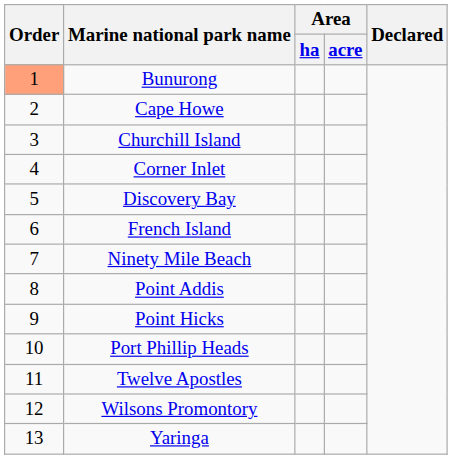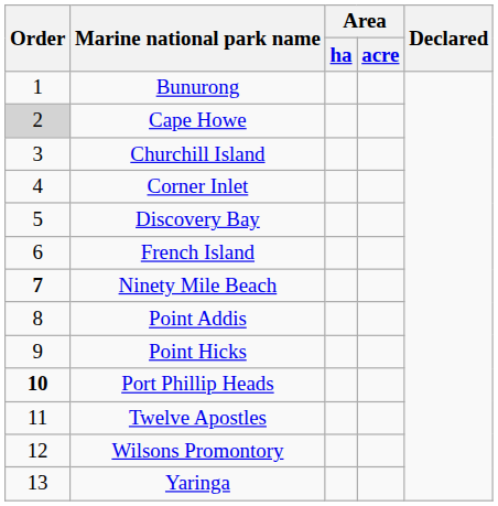 <table class="wikitable sortable plainrowheaders" style="text-align:center;">
 <tr>
 <th scope="col" rowspan="2">Order</th>
 <th scope="col" rowspan="2">Marine national park name</th>
 <th scope="col" colspan="2">Area</th>
 <th scope="col" rowspan="2">Declared<br></th>
 </tr>
 <tr>
 <th scope="col"><a href='#'>ha</a></th>
 <th scope="col"><a href='#'>acre</a></th>
 </tr>
 <tr>
-<td scope="row" style="background: lightsalmon;">1</td>
+<td scope="row">1</td>
 <td><a href='#'>Bunurong</a></td>
 <td></td>
 <td></td>
 </tr>
 <tr>
-<td scope="row">2</td>
+<td scope="row" style="background: lightgrey;">2</td>
 <td><a href='#'>Cape Howe</a></td>
 <td></td>
 <td></td>
 </tr>
 <tr>
 <td scope="row">3</td>
 <td><a href='#'>Churchill Island</a></td>
 <td></td>
 <td></td>
 </tr>
 <tr>
 <td scope="row">4</td>
 <td><a href='#'>Corner Inlet</a></td>
 <td></td>
 <td></td>
 </tr>
 <tr>
 <td scope="row">5</td>
 <td><a href='#'>Discovery Bay</a></td>
 <td></td>
 <td></td>
 </tr>
 <tr>
 <td scope="row">6</td>
 <td><a href='#'>French Island</a></td>
 <td></td>
 <td></td>
 </tr>
 <tr>
-<td scope="row">7</td>
+<td scope="row"><strong>7</strong></td>
 <td><a href='#'>Ninety Mile Beach</a></td>
 <td></td>
 <td></td>
 </tr>
 <tr>
 <td scope="row">8</td>
 <td><a href='#'>Point Addis</a></td>
 <td></td>
 <td></td>
 </tr>
 <tr>
 <td scope="row">9</td>
 <td><a href='#'>Point Hicks</a></td>
 <td></td>
 <td></td>
 </tr>
 <tr>
-<td scope="row">10</td>
+<td scope="row"><strong>10</strong></td>
 <td><a href='#'>Port Phillip Heads</a></td>
 <td></td>
 <td></td>
 </tr>
 <tr>
 <td scope="row">11</td>
 <td><a href='#'>Twelve Apostles</a></td>
 <td></td>
 <td></td>
 </tr>
 <tr>
 <td scope="row">12</td>
 <td><a href='#'>Wilsons Promontory</a></td>
 <td></td>
 <td></td>
 </tr>
 <tr>
 <td scope="row">13</td>
 <td><a href='#'>Yaringa</a></td>
 <td></td>
 <td></td>
 </tr>
 </table>
